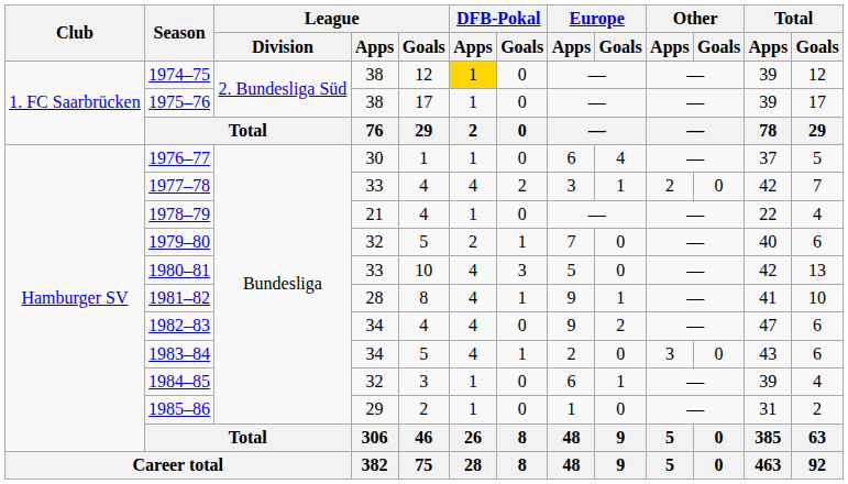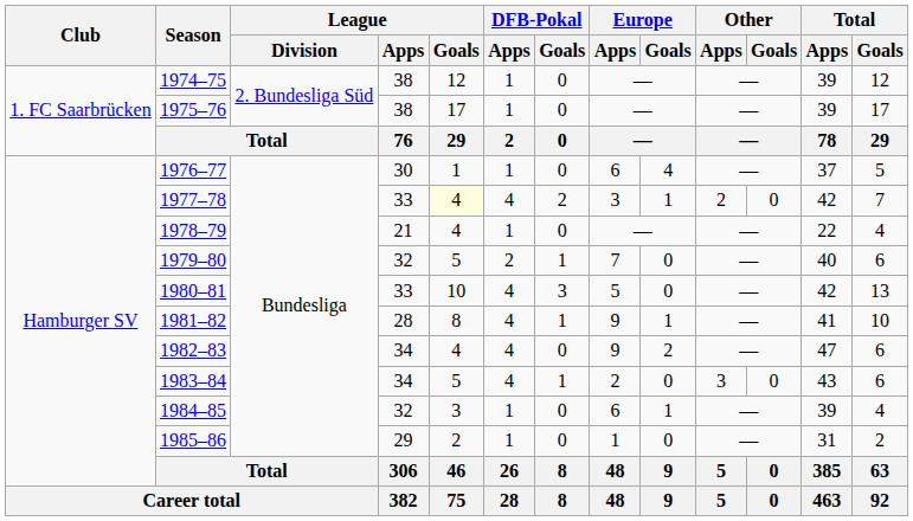 <table class="wikitable" Style="text-align: center">
 <tr>
 <th rowspan="2">Club</th>
 <th rowspan="2">Season</th>
 <th colspan="3">League</th>
 <th colspan="2"><a href='#'>DFB-Pokal</a></th>
 <th colspan="2"><a href='#'>Europe</a></th>
 <th colspan="2">Other</th>
 <th colspan="2">Total</th>
 </tr>
 <tr>
 <th>Division</th>
 <th>Apps</th>
 <th>Goals</th>
 <th>Apps</th>
 <th>Goals</th>
 <th>Apps</th>
 <th>Goals</th>
 <th>Apps</th>
 <th>Goals</th>
 <th>Apps</th>
 <th>Goals</th>
 </tr>
 <tr>
 <td rowspan="3"><a href='#'>1. FC Saarbrücken</a></td>
 <td><a href='#'>1974–75</a></td>
 <td rowspan="2"><a href='#'>2. Bundesliga Süd</a></td>
 <td>38</td>
 <td>12</td>
-<td style="background: gold;">1</td>
+<td>1</td>
 <td>0</td>
 <td colspan="2">—</td>
 <td colspan="2">—</td>
 <td>39</td>
 <td>12</td>
 </tr>
 <tr>
 <td><a href='#'>1975–76</a></td>
 <td>38</td>
 <td>17</td>
 <td>1</td>
 <td>0</td>
 <td colspan="2">—</td>
 <td colspan="2">—</td>
 <td>39</td>
 <td>17</td>
 </tr>
 <tr>
 <th colspan="2">Total</th>
 <th>76</th>
 <th>29</th>
 <th>2</th>
 <th>0</th>
 <th colspan="2">—</th>
 <th colspan="2">—</th>
 <th>78</th>
 <th>29</th>
 </tr>
 <tr>
 <td rowspan="11"><a href='#'>Hamburger SV</a></td>
 <td><a href='#'>1976–77</a></td>
 <td rowspan="10">Bundesliga</td>
 <td>30</td>
 <td>1</td>
 <td>1</td>
 <td>0</td>
 <td>6</td>
 <td>4</td>
 <td colspan="2">—</td>
 <td>37</td>
 <td>5</td>
 </tr>
 <tr>
 <td><a href='#'>1977–78</a></td>
 <td>33</td>
-<td>4</td>
+<td style="background: lightyellow;">4</td>
 <td>4</td>
 <td>2</td>
 <td>3</td>
 <td>1</td>
 <td>2</td>
 <td>0</td>
 <td>42</td>
 <td>7</td>
 </tr>
 <tr>
 <td><a href='#'>1978–79</a></td>
 <td>21</td>
 <td>4</td>
 <td>1</td>
 <td>0</td>
 <td colspan="2">—</td>
 <td colspan="2">—</td>
 <td>22</td>
 <td>4</td>
 </tr>
 <tr>
 <td><a href='#'>1979–80</a></td>
 <td>32</td>
 <td>5</td>
 <td>2</td>
 <td>1</td>
 <td>7</td>
 <td>0</td>
 <td colspan="2">—</td>
 <td>40</td>
 <td>6</td>
 </tr>
 <tr>
 <td><a href='#'>1980–81</a></td>
 <td>33</td>
 <td>10</td>
 <td>4</td>
 <td>3</td>
 <td>5</td>
 <td>0</td>
 <td colspan="2">—</td>
 <td>42</td>
 <td>13</td>
 </tr>
 <tr>
 <td><a href='#'>1981–82</a></td>
 <td>28</td>
 <td>8</td>
 <td>4</td>
 <td>1</td>
 <td>9</td>
 <td>1</td>
 <td colspan="2">—</td>
 <td>41</td>
 <td>10</td>
 </tr>
 <tr>
 <td><a href='#'>1982–83</a></td>
 <td>34</td>
 <td>4</td>
 <td>4</td>
 <td>0</td>
 <td>9</td>
 <td>2</td>
 <td colspan="2">—</td>
 <td>47</td>
 <td>6</td>
 </tr>
 <tr>
 <td><a href='#'>1983–84</a></td>
 <td>34</td>
 <td>5</td>
 <td>4</td>
 <td>1</td>
 <td>2</td>
 <td>0</td>
 <td>3</td>
 <td>0</td>
 <td>43</td>
 <td>6</td>
 </tr>
 <tr>
 <td><a href='#'>1984–85</a></td>
 <td>32</td>
 <td>3</td>
 <td>1</td>
 <td>0</td>
 <td>6</td>
 <td>1</td>
 <td colspan="2">—</td>
 <td>39</td>
 <td>4</td>
 </tr>
 <tr>
 <td><a href='#'>1985–86</a></td>
 <td>29</td>
 <td>2</td>
 <td>1</td>
 <td>0</td>
 <td>1</td>
 <td>0</td>
 <td colspan="2">—</td>
 <td>31</td>
 <td>2</td>
 </tr>
 <tr>
 <th colspan="2">Total</th>
 <th>306</th>
 <th>46</th>
 <th>26</th>
 <th>8</th>
 <th>48</th>
 <th>9</th>
 <th>5</th>
 <th>0</th>
 <th>385</th>
 <th>63</th>
 </tr>
 <tr>
 <th colspan="3">Career total</th>
 <th>382</th>
 <th>75</th>
 <th>28</th>
 <th>8</th>
 <th>48</th>
 <th>9</th>
 <th>5</th>
 <th>0</th>
 <th>463</th>
 <th>92</th>
 </tr>
 </table>
